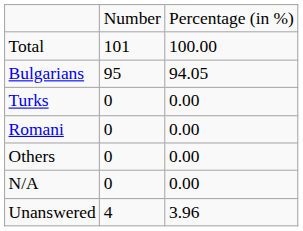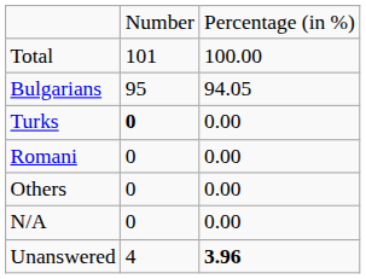 <table class="wikitable sortable">
 <tr>
 <td></td>
 <td>Number</td>
 <td>Percentage (in %)</td>
 </tr>
 <tr>
 <td>Total</td>
 <td>101</td>
 <td>100.00</td>
 </tr>
 <tr>
 <td><a href='#'>Bulgarians</a></td>
 <td>95</td>
 <td>94.05</td>
 </tr>
 <tr>
 <td><a href='#'>Turks</a></td>
-<td>0</td>
+<td><strong>0</strong></td>
 <td>0.00</td>
 </tr>
 <tr>
 <td><a href='#'>Romani</a></td>
 <td>0</td>
 <td>0.00</td>
 </tr>
 <tr>
 <td>Others</td>
 <td>0</td>
 <td>0.00</td>
 </tr>
 <tr>
 <td>N/A</td>
 <td>0</td>
 <td>0.00</td>
 </tr>
 <tr>
 <td>Unanswered</td>
 <td>4</td>
-<td>3.96</td>
+<td><strong>3.96</strong></td>
 </tr>
 </table>
